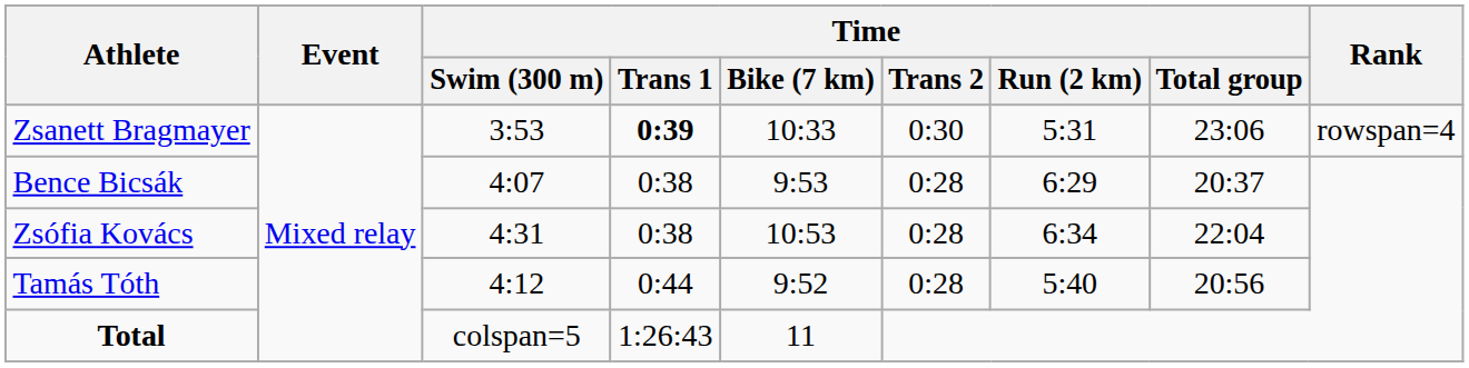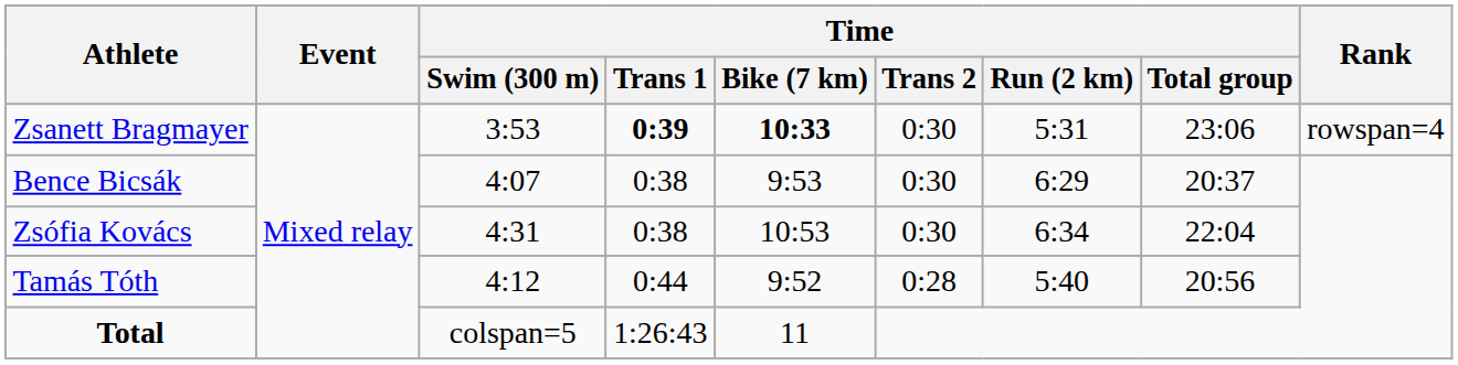 <table class=wikitable style=font-size:90%;text-align:center>
 <tr>
 <th rowspan=2>Athlete</th>
 <th rowspan=2>Event</th>
 <th colspan=6>Time</th>
 <th rowspan=2>Rank</th>
 </tr>
 <tr style="font-size:95%">
 <th>Swim (300 m)</th>
 <th>Trans 1</th>
 <th>Bike (7 km)</th>
 <th>Trans 2</th>
 <th>Run (2 km)</th>
 <th>Total group</th>
 </tr>
 <tr align=center>
 <td align=left><a href='#'>Zsanett Bragmayer</a></td>
 <td align=left rowspan=5><a href='#'>Mixed relay</a></td>
 <td>3:53</td>
 <td><strong>0:39</strong></td>
-<td>10:33</td>
+<td><strong>10:33</strong></td>
 <td>0:30</td>
 <td>5:31</td>
 <td>23:06</td>
 <td>rowspan=4 </td>
 </tr>
 <tr>
 <td align=left><a href='#'>Bence Bicsák</a></td>
 <td>4:07</td>
 <td>0:38</td>
 <td>9:53</td>
-<td>0:28</td>
+<td>0:30</td>
 <td>6:29</td>
 <td>20:37</td>
 </tr>
 <tr>
 <td align=left><a href='#'>Zsófia Kovács</a></td>
 <td>4:31</td>
 <td>0:38</td>
 <td>10:53</td>
-<td>0:28</td>
+<td>0:30</td>
 <td>6:34</td>
 <td>22:04</td>
 </tr>
 <tr>
 <td align=left><a href='#'>Tamás Tóth</a></td>
 <td>4:12</td>
 <td>0:44</td>
 <td>9:52</td>
 <td>0:28</td>
 <td>5:40</td>
 <td>20:56</td>
 </tr>
 <tr>
 <td><strong>Total</strong></td>
 <td>colspan=5 </td>
 <td>1:26:43</td>
 <td>11</td>
 </tr>
 </table>
